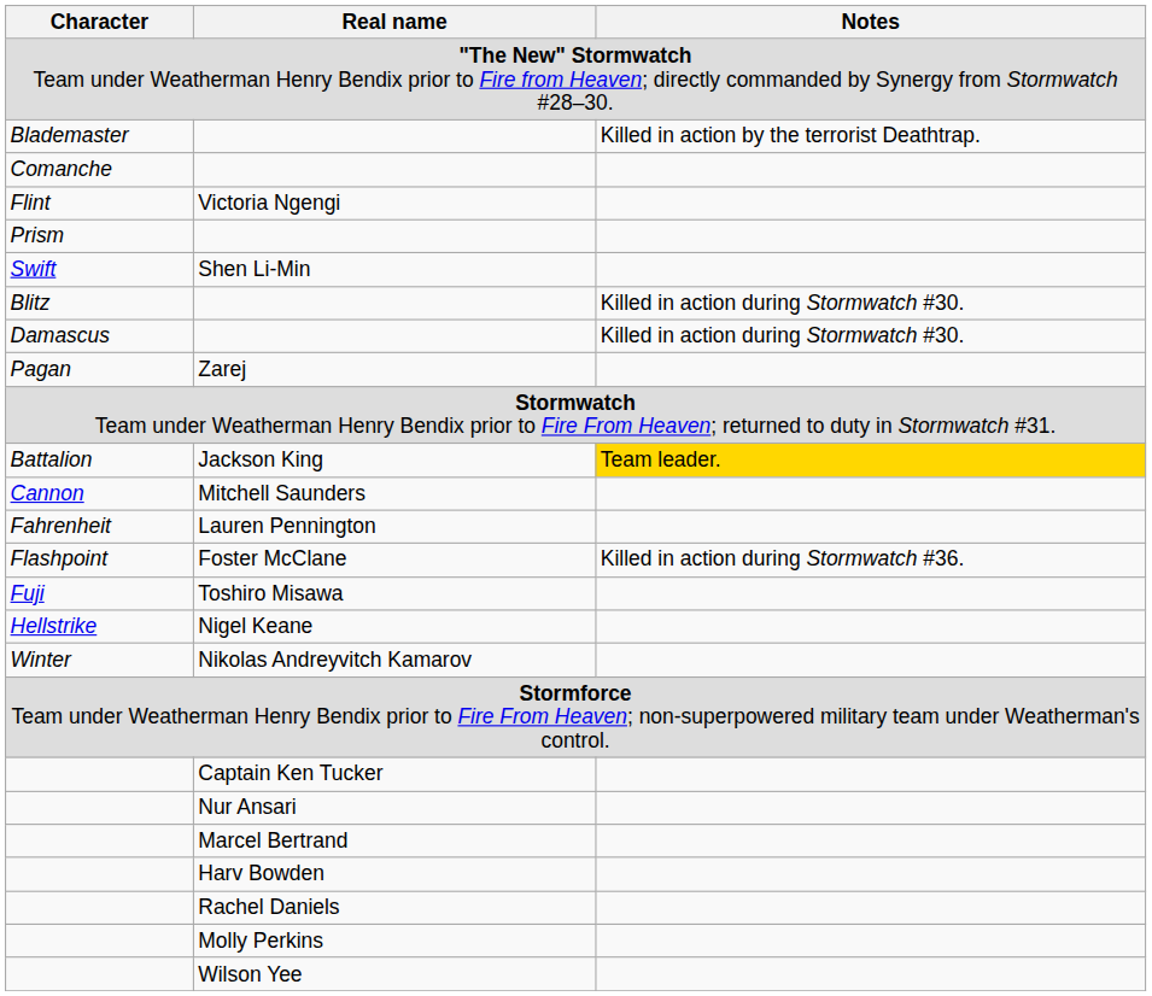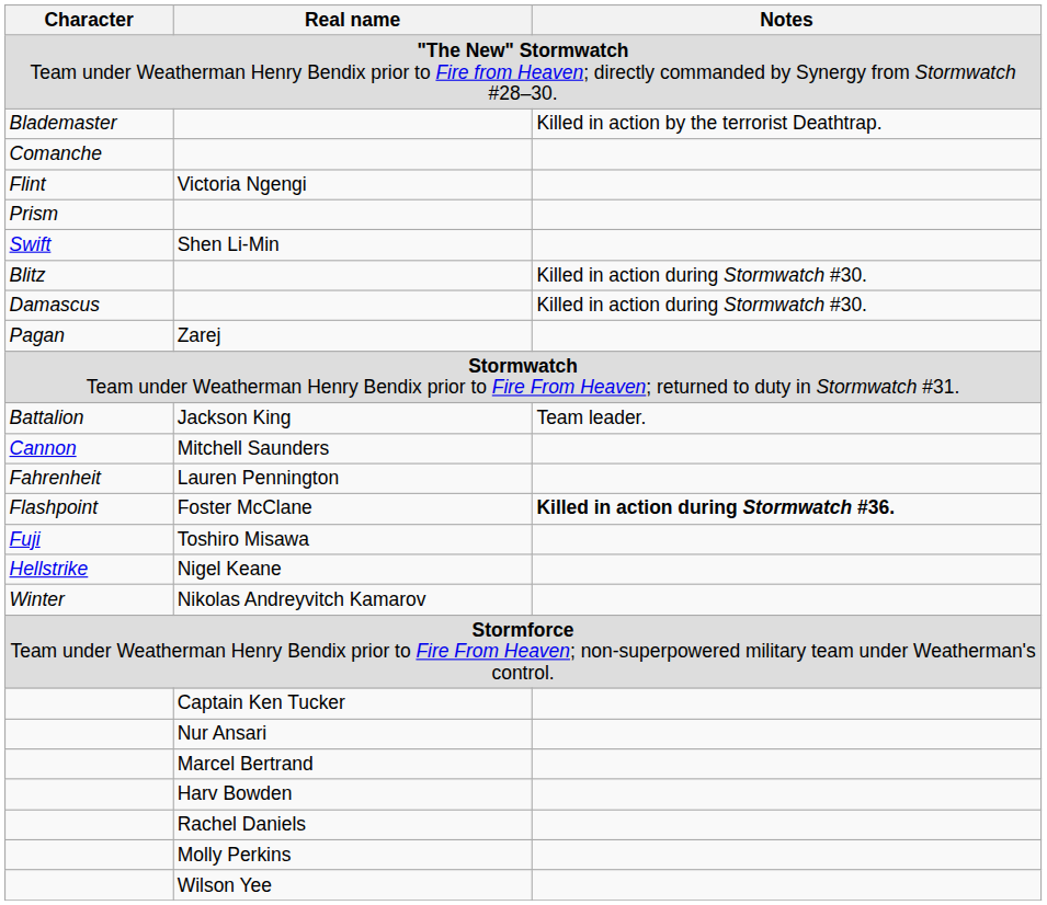 <table class="wikitable">
 <tr>
 <th>Character</th>
 <th>Real name</th>
 <th>Notes</th>
 </tr>
 <tr bgcolor="#DDDDDD">
 <td colspan=5 align=center><strong>"The New" Stormwatch</strong><br>Team under Weatherman Henry Bendix prior to <em><a href='#'>Fire from Heaven</a></em>; directly commanded by Synergy from <em>Stormwatch</em> #28–30.</td>
 </tr>
 <tr>
 <td><em>Blademaster</em></td>
 <td></td>
 <td>Killed in action by the terrorist Deathtrap.</td>
 </tr>
 <tr>
 <td><em>Comanche</em></td>
 <td></td>
 <td></td>
 </tr>
 <tr>
 <td><em>Flint</em></td>
 <td>Victoria Ngengi</td>
 <td></td>
 </tr>
 <tr>
 <td><em>Prism</em></td>
 <td></td>
 <td></td>
 </tr>
 <tr>
 <td><em><a href='#'>Swift</a></em></td>
 <td>Shen Li-Min</td>
 <td></td>
 </tr>
 <tr>
 <td><em>Blitz</em></td>
 <td></td>
 <td>Killed in action during <em>Stormwatch</em> #30.</td>
 </tr>
 <tr>
 <td><em>Damascus</em></td>
 <td></td>
 <td>Killed in action during <em>Stormwatch</em> #30.</td>
 </tr>
 <tr>
 <td><em>Pagan</em></td>
 <td>Zarej</td>
 <td></td>
 </tr>
 <tr bgcolor="#DDDDDD">
 <td colspan=5 align=center><strong>Stormwatch</strong><br>Team under Weatherman Henry Bendix prior to <em><a href='#'>Fire From Heaven</a></em>; returned to duty in <em>Stormwatch</em> #31.</td>
 </tr>
 <tr>
 <td><em>Battalion</em></td>
 <td>Jackson King</td>
-<td style="background: gold;">Team leader.</td>
+<td>Team leader.</td>
 </tr>
 <tr>
 <td><em><a href='#'>Cannon</a></em></td>
 <td>Mitchell Saunders</td>
 <td></td>
 </tr>
 <tr>
 <td><em>Fahrenheit</em></td>
 <td>Lauren Pennington</td>
 <td></td>
 </tr>
 <tr>
 <td><em>Flashpoint</em></td>
 <td>Foster McClane</td>
-<td>Killed in action during <em>Stormwatch</em> #36.</td>
+<td><strong>Killed in action during <em>Stormwatch</em> #36.</strong></td>
 </tr>
 <tr>
 <td><em><a href='#'>Fuji</a></em></td>
 <td>Toshiro Misawa</td>
 <td></td>
 </tr>
 <tr>
 <td><em><a href='#'>Hellstrike</a></em></td>
 <td>Nigel Keane</td>
 <td></td>
 </tr>
 <tr>
 <td><em>Winter</em></td>
 <td>Nikolas Andreyvitch Kamarov</td>
 <td></td>
 </tr>
 <tr bgcolor="#DDDDDD">
 <td colspan=5 align=center><strong>Stormforce</strong><br>Team under Weatherman Henry Bendix prior to <em><a href='#'>Fire From Heaven</a></em>; non-superpowered military team under Weatherman's control.</td>
 </tr>
 <tr>
 <td></td>
 <td>Captain Ken Tucker</td>
 <td></td>
 </tr>
 <tr>
 <td></td>
 <td>Nur Ansari</td>
 <td></td>
 </tr>
 <tr>
 <td></td>
 <td>Marcel Bertrand</td>
 <td></td>
 </tr>
 <tr>
 <td></td>
 <td>Harv Bowden</td>
 <td></td>
 </tr>
 <tr>
 <td></td>
 <td>Rachel Daniels</td>
 <td></td>
 </tr>
 <tr>
 <td></td>
 <td>Molly Perkins</td>
 <td></td>
 </tr>
 <tr>
 <td></td>
 <td>Wilson Yee</td>
 <td></td>
 </tr>
 <tr>
 </tr>
 </table>
